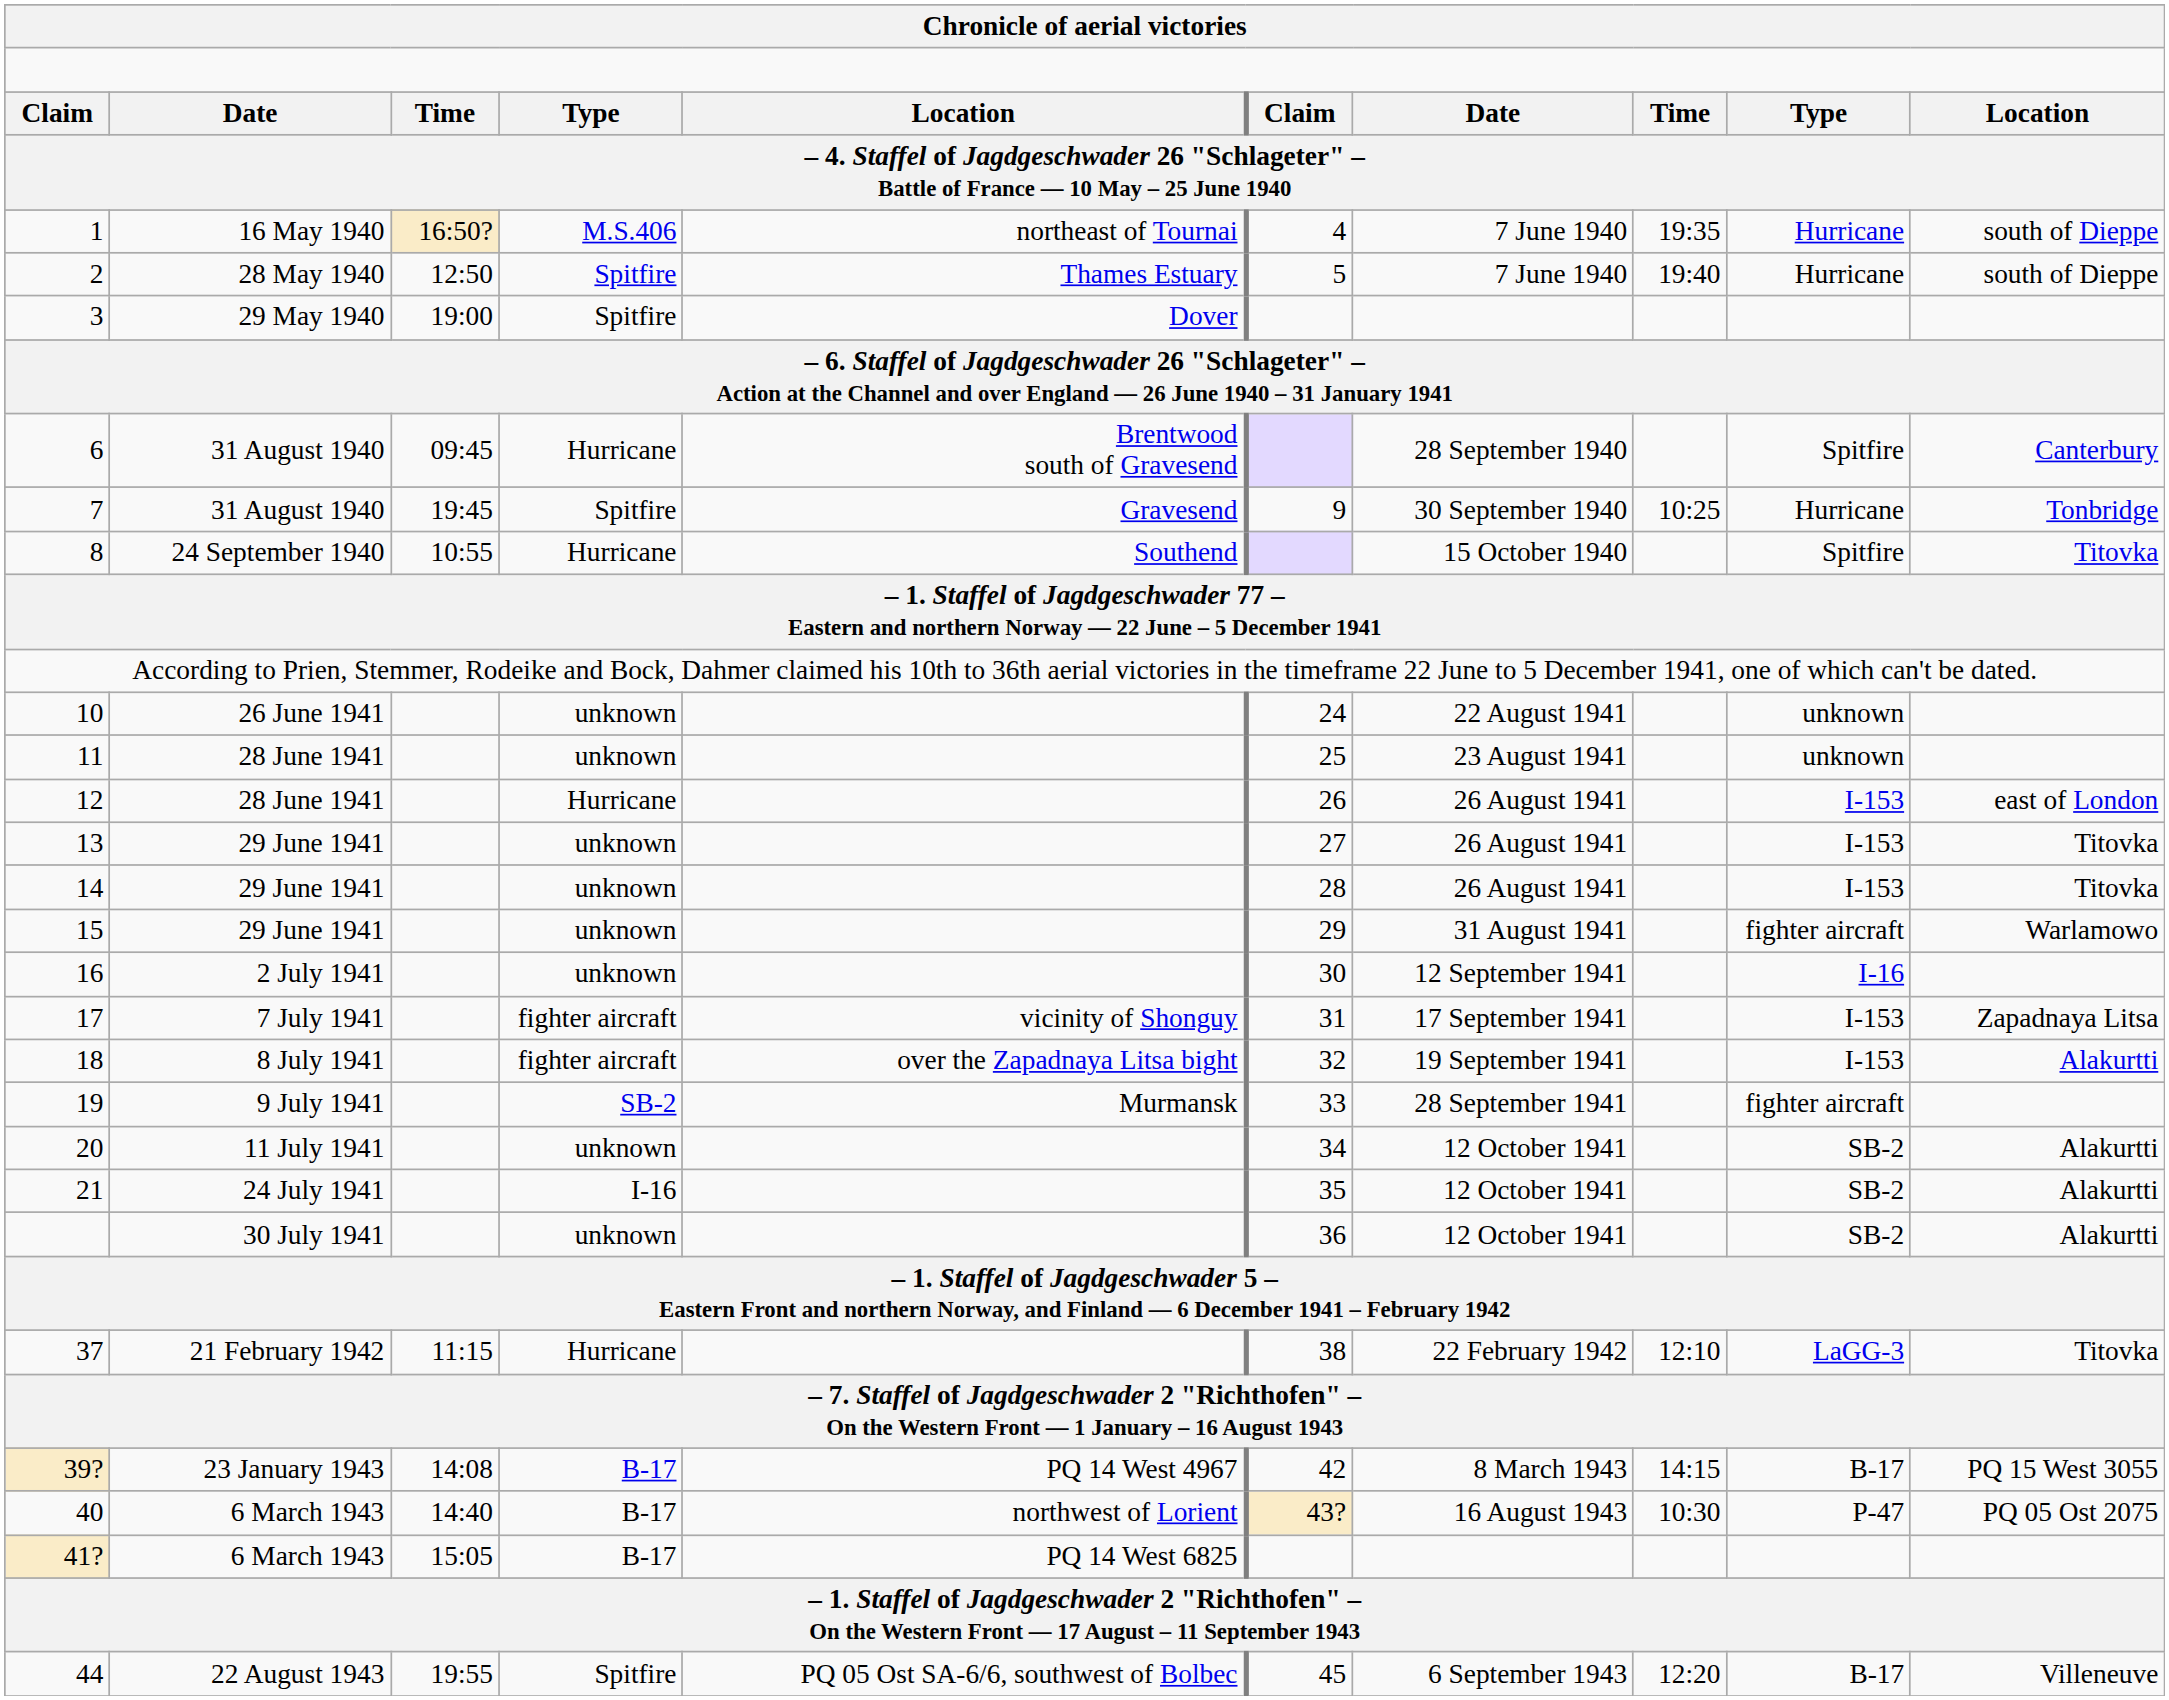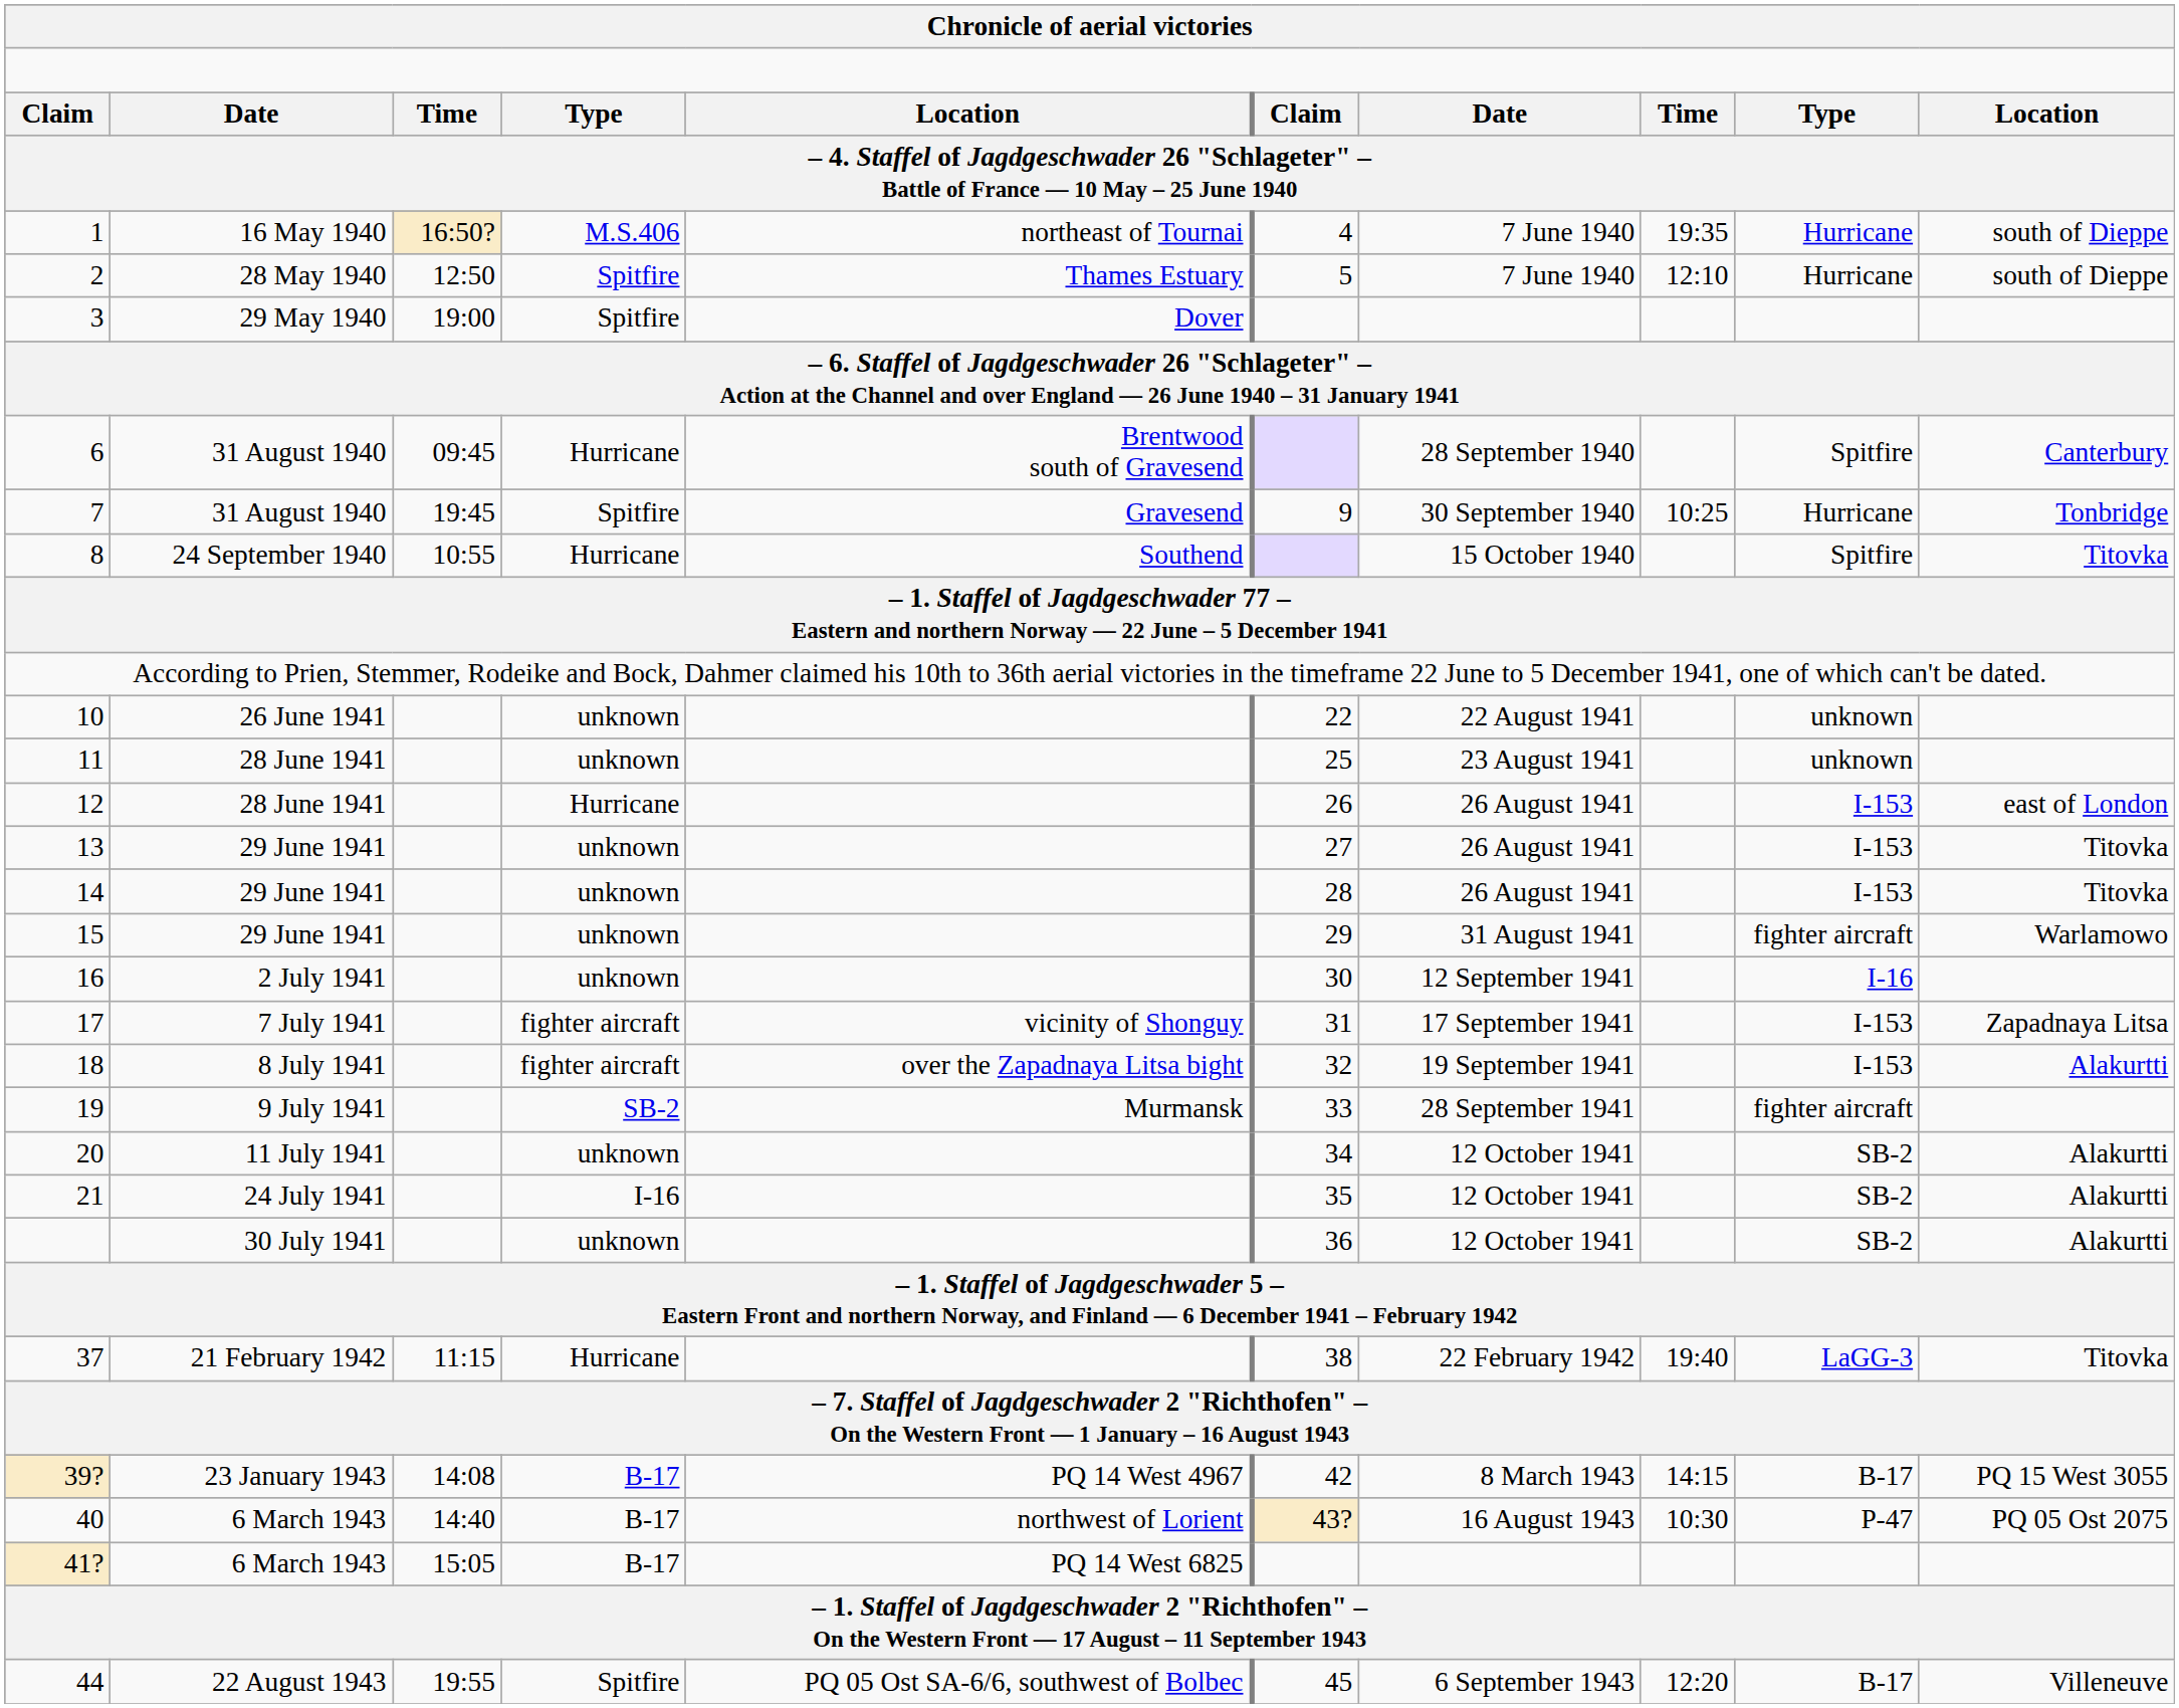 <table class="wikitable plainrowheaders collapsible" style="margin-left: auto; margin-right: auto; border: none; text-align:right; width: 100%;">
 <tr>
 <th colspan="10">Chronicle of aerial victories</th>
 </tr>
 <tr>
 <td colspan="10" style="text-align: left;"><br> </td>
 </tr>
 <tr>
 <th scope="col">Claim</th>
 <th scope="col">Date</th>
 <th scope="col">Time</th>
 <th scope="col" width="100px">Type</th>
 <th scope="col">Location</th>
 <th scope="col" style="border-left: 3px solid grey;">Claim</th>
 <th scope="col">Date</th>
 <th scope="col">Time</th>
 <th scope="col" width="100px">Type</th>
 <th scope="col">Location</th>
 </tr>
 <tr>
 <th colspan="10">– 4. <em>Staffel</em> of <em>Jagdgeschwader</em> 26 "Schlageter" –<br><small>Battle of France — 10 May – 25 June 1940</small></th>
 </tr>
 <tr>
 <td>1</td>
 <td>16 May 1940</td>
 <td style="background:#faecc8">16:50?</td>
 <td><a href='#'>M.S.406</a></td>
 <td> northeast of <a href='#'>Tournai</a></td>
 <td style="border-left: 3px solid grey;">4</td>
 <td>7 June 1940</td>
 <td>19:35</td>
 <td><a href='#'>Hurricane</a></td>
 <td>south of <a href='#'>Dieppe</a></td>
 </tr>
 <tr>
 <td>2</td>
 <td>28 May 1940</td>
 <td>12:50</td>
 <td><a href='#'>Spitfire</a></td>
 <td><a href='#'>Thames Estuary</a></td>
 <td style="border-left: 3px solid grey;">5</td>
 <td>7 June 1940</td>
-<td>19:40</td>
+<td>12:10</td>
 <td>Hurricane</td>
 <td>south of Dieppe</td>
 </tr>
 <tr>
 <td>3</td>
 <td>29 May 1940</td>
 <td>19:00</td>
 <td>Spitfire</td>
 <td><a href='#'>Dover</a></td>
 <td style="border-left: 3px solid grey;"></td>
 <td></td>
 <td></td>
 <td></td>
 <td></td>
 </tr>
 <tr>
 <th colspan="10">– 6. <em>Staffel</em> of <em>Jagdgeschwader</em> 26 "Schlageter" –<br><small>Action at the Channel and over England — 26 June 1940 – 31 January 1941</small></th>
 </tr>
 <tr>
 <td>6</td>
 <td>31 August 1940</td>
 <td>09:45</td>
 <td>Hurricane</td>
 <td><a href='#'>Brentwood</a><br>south of <a href='#'>Gravesend</a></td>
 <td style="border-left: 3px solid grey; background:#e3d9ff;"></td>
 <td>28 September 1940</td>
 <td></td>
 <td>Spitfire</td>
 <td><a href='#'>Canterbury</a></td>
 </tr>
 <tr>
 <td>7</td>
 <td>31 August 1940</td>
 <td>19:45</td>
 <td>Spitfire</td>
 <td><a href='#'>Gravesend</a></td>
 <td style="border-left: 3px solid grey;">9</td>
 <td>30 September 1940</td>
 <td>10:25</td>
 <td>Hurricane</td>
 <td><a href='#'>Tonbridge</a></td>
 </tr>
 <tr>
 <td>8</td>
 <td>24 September 1940</td>
 <td>10:55</td>
 <td>Hurricane</td>
 <td><a href='#'>Southend</a></td>
 <td style="border-left: 3px solid grey; background:#e3d9ff;"></td>
 <td>15 October 1940</td>
 <td></td>
 <td>Spitfire</td>
 <td><a href='#'>Titovka</a></td>
 </tr>
 <tr>
 <th colspan="10">– 1. <em>Staffel</em> of <em>Jagdgeschwader</em> 77 –<br><small>Eastern and northern Norway — 22 June – 5 December 1941</small></th>
 </tr>
 <tr>
 <td colspan="10" style="text-align: center">According to Prien, Stemmer, Rodeike and Bock, Dahmer claimed his 10th to 36th aerial victories in the timeframe 22 June to 5 December 1941, one of which can't be dated.</td>
 </tr>
 <tr>
 <td>10</td>
 <td>26 June 1941</td>
 <td></td>
 <td>unknown</td>
 <td></td>
-<td style="border-left: 3px solid grey;">24</td>
+<td style="border-left: 3px solid grey;">22</td>
 <td>22 August 1941</td>
 <td></td>
 <td>unknown</td>
 <td></td>
 </tr>
 <tr>
 <td>11</td>
 <td>28 June 1941</td>
 <td></td>
 <td>unknown</td>
 <td></td>
 <td style="border-left: 3px solid grey;">25</td>
 <td>23 August 1941</td>
 <td></td>
 <td>unknown</td>
 <td></td>
 </tr>
 <tr>
 <td>12</td>
 <td>28 June 1941</td>
 <td></td>
 <td>Hurricane</td>
 <td></td>
 <td style="border-left: 3px solid grey;">26</td>
 <td>26 August 1941</td>
 <td></td>
 <td><a href='#'>I-153</a></td>
 <td>east of <a href='#'>London</a></td>
 </tr>
 <tr>
 <td>13</td>
 <td>29 June 1941</td>
 <td></td>
 <td>unknown</td>
 <td></td>
 <td style="border-left: 3px solid grey;">27</td>
 <td>26 August 1941</td>
 <td></td>
 <td>I-153</td>
 <td>Titovka</td>
 </tr>
 <tr>
 <td>14</td>
 <td>29 June 1941</td>
 <td></td>
 <td>unknown</td>
 <td></td>
 <td style="border-left: 3px solid grey;">28</td>
 <td>26 August 1941</td>
 <td></td>
 <td>I-153</td>
 <td>Titovka</td>
 </tr>
 <tr>
 <td>15</td>
 <td>29 June 1941</td>
 <td></td>
 <td>unknown</td>
 <td></td>
 <td style="border-left: 3px solid grey;">29</td>
 <td>31 August 1941</td>
 <td></td>
 <td>fighter aircraft</td>
 <td>Warlamowo</td>
 </tr>
 <tr>
 <td>16</td>
 <td>2 July 1941</td>
 <td></td>
 <td>unknown</td>
 <td></td>
 <td style="border-left: 3px solid grey;">30</td>
 <td>12 September 1941</td>
 <td></td>
 <td><a href='#'>I-16</a></td>
 <td></td>
 </tr>
 <tr>
 <td>17</td>
 <td>7 July 1941</td>
 <td></td>
 <td>fighter aircraft</td>
 <td>vicinity of <a href='#'>Shonguy</a></td>
 <td style="border-left: 3px solid grey;">31</td>
 <td>17 September 1941</td>
 <td></td>
 <td>I-153</td>
 <td>Zapadnaya Litsa</td>
 </tr>
 <tr>
 <td>18</td>
 <td>8 July 1941</td>
 <td></td>
 <td>fighter aircraft</td>
 <td>over the <a href='#'>Zapadnaya Litsa bight</a></td>
 <td style="border-left: 3px solid grey;">32</td>
 <td>19 September 1941</td>
 <td></td>
 <td>I-153</td>
 <td><a href='#'>Alakurtti</a></td>
 </tr>
 <tr>
 <td>19</td>
 <td>9 July 1941</td>
 <td></td>
 <td><a href='#'>SB-2</a></td>
 <td>Murmansk</td>
 <td style="border-left: 3px solid grey;">33</td>
 <td>28 September 1941</td>
 <td></td>
 <td>fighter aircraft</td>
 <td></td>
 </tr>
 <tr>
 <td>20</td>
 <td>11 July 1941</td>
 <td></td>
 <td>unknown</td>
 <td></td>
 <td style="border-left: 3px solid grey;">34</td>
 <td>12 October 1941</td>
 <td></td>
 <td>SB-2</td>
 <td>Alakurtti</td>
 </tr>
 <tr>
 <td>21</td>
 <td>24 July 1941</td>
 <td></td>
 <td>I-16</td>
 <td></td>
 <td style="border-left: 3px solid grey;">35</td>
 <td>12 October 1941</td>
 <td></td>
 <td>SB-2</td>
 <td>Alakurtti</td>
 </tr>
 <tr>
 <td></td>
 <td>30 July 1941</td>
 <td></td>
 <td>unknown</td>
 <td></td>
 <td style="border-left: 3px solid grey;">36</td>
 <td>12 October 1941</td>
 <td></td>
 <td>SB-2</td>
 <td>Alakurtti</td>
 </tr>
 <tr>
 <th colspan="12">– 1. <em>Staffel</em> of <em>Jagdgeschwader</em> 5 –<br><small>Eastern Front and northern Norway, and Finland — 6 December 1941 – February 1942</small></th>
 </tr>
 <tr>
 <td>37</td>
 <td>21 February 1942</td>
 <td>11:15</td>
 <td>Hurricane</td>
 <td></td>
 <td style="border-left: 3px solid grey;">38</td>
 <td>22 February 1942</td>
-<td>12:10</td>
+<td>19:40</td>
 <td><a href='#'>LaGG-3</a></td>
 <td>Titovka</td>
 </tr>
 <tr>
 <th colspan="10">– 7. <em>Staffel</em> of <em>Jagdgeschwader</em> 2 "Richthofen" –<br><small>On the Western Front — 1 January – 16 August 1943</small></th>
 </tr>
 <tr>
 <td style="background:#faecc8">39?</td>
 <td>23 January 1943</td>
 <td>14:08</td>
 <td><a href='#'>B-17</a></td>
 <td>PQ 14 West 4967</td>
 <td style="border-left: 3px solid grey;">42</td>
 <td>8 March 1943</td>
 <td>14:15</td>
 <td>B-17</td>
 <td>PQ 15 West 3055</td>
 </tr>
 <tr>
 <td>40</td>
 <td>6 March 1943</td>
 <td>14:40</td>
 <td>B-17</td>
 <td>northwest of <a href='#'>Lorient</a></td>
 <td style="border-left: 3px solid grey; background:#faecc8">43?</td>
 <td>16 August 1943</td>
 <td>10:30</td>
 <td>P-47</td>
 <td>PQ 05 Ost 2075</td>
 </tr>
 <tr>
 <td style="background:#faecc8">41?</td>
 <td>6 March 1943</td>
 <td>15:05</td>
 <td>B-17</td>
 <td>PQ 14 West 6825</td>
 <td style="border-left: 3px solid grey;"></td>
 <td></td>
 <td></td>
 <td></td>
 <td></td>
 </tr>
 <tr>
 <th colspan="10">– 1. <em>Staffel</em> of <em>Jagdgeschwader</em> 2 "Richthofen" –<br><small>On the Western Front — 17 August – 11 September 1943</small></th>
 </tr>
 <tr>
 <td>44</td>
 <td>22 August 1943</td>
 <td>19:55</td>
 <td>Spitfire</td>
 <td>PQ 05 Ost SA-6/6, southwest of <a href='#'>Bolbec</a></td>
 <td style="border-left: 3px solid grey;">45</td>
 <td>6 September 1943</td>
 <td>12:20</td>
 <td>B-17</td>
 <td>Villeneuve</td>
 </tr>
 </table>
